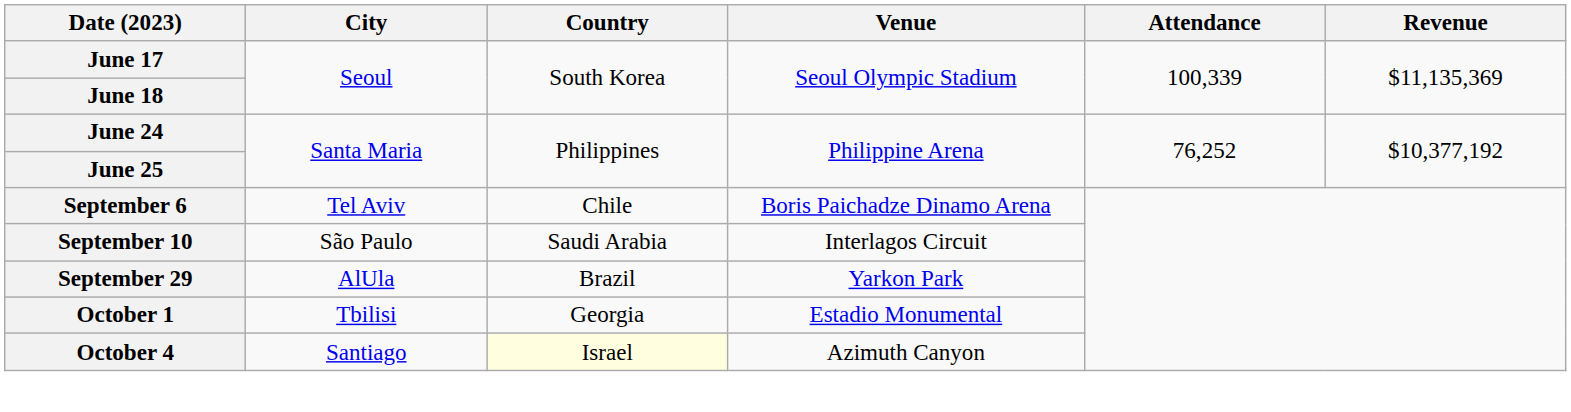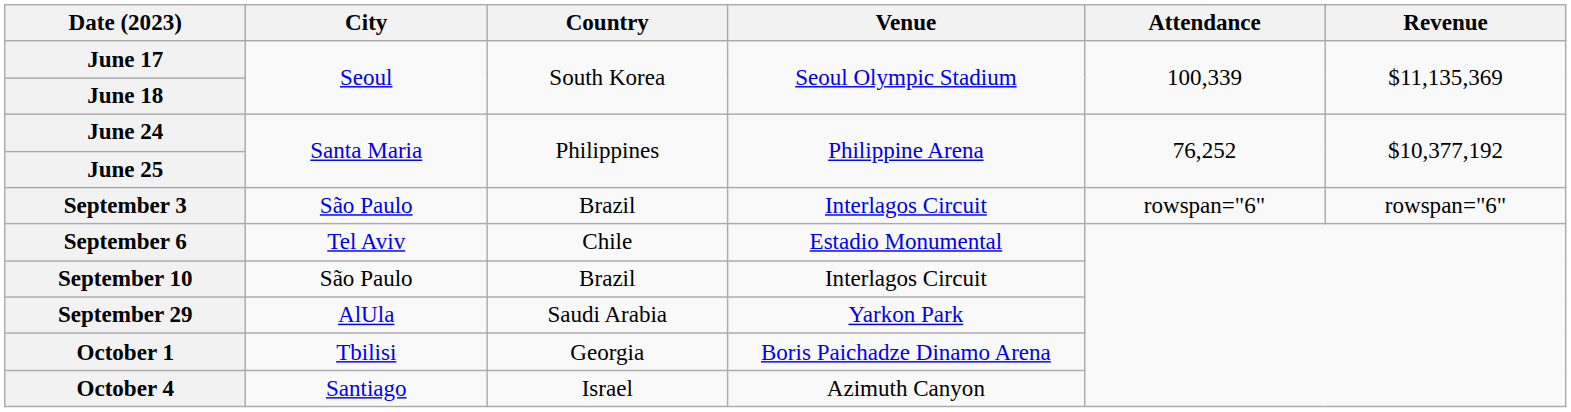 <table class="wikitable plainrowheaders" style="text-align:center;">
 <tr>
 <th scope="col" style="width:10em;">Date (2023)</th>
 <th scope="col" style="width:10em;">City</th>
 <th scope="col" style="width:10em;">Country</th>
 <th scope="col" style="width:15em;">Venue</th>
 <th scope="col" style="width:10em;">Attendance</th>
 <th scope="col" style="width:10em;">Revenue</th>
 </tr>
 <tr>
 <th scope="row" style="text-align:center;">June 17</th>
 <td rowspan="2"><a href='#'>Seoul</a></td>
 <td rowspan="2">South Korea</td>
 <td rowspan="2"><a href='#'>Seoul Olympic Stadium</a></td>
 <td rowspan="2">100,339</td>
 <td rowspan="2">$11,135,369</td>
 </tr>
 <tr>
 <th scope="row" style="text-align:center;">June 18</th>
 </tr>
 <tr>
 <th scope="row" style="text-align:center;">June 24</th>
 <td rowspan="2"><a href='#'>Santa Maria</a></td>
 <td rowspan="2">Philippines</td>
 <td rowspan="2"><a href='#'>Philippine Arena</a></td>
 <td rowspan="2">76,252</td>
 <td rowspan="2">$10,377,192</td>
 </tr>
 <tr>
 <th scope="row" style="text-align:center;">June 25</th>
 </tr>
 <tr>
+<th scope="row" style="text-align:center;">September 3</th>
+<td><a href='#'>São Paulo</a></td>
+<td>Brazil</td>
+<td><a href='#'>Interlagos Circuit</a></td>
+<td>rowspan="6" </td>
+<td>rowspan="6" </td>
+</tr>
+<tr>
 <th scope="row" style="text-align:center;">September 6</th>
 <td><a href='#'>Tel Aviv</a></td>
 <td>Chile</td>
-<td><a href='#'>Boris Paichadze Dinamo Arena</a></td>
+<td><a href='#'>Estadio Monumental</a></td>
 </tr>
 <tr>
 <th scope="row" style="text-align:center;">September 10</th>
 <td>São Paulo</td>
-<td>Saudi Arabia</td>
+<td>Brazil</td>
 <td>Interlagos Circuit</td>
 </tr>
 <tr>
 <th scope="row" style="text-align:center;">September 29</th>
 <td><a href='#'>AlUla</a></td>
-<td>Brazil</td>
+<td>Saudi Arabia</td>
 <td><a href='#'>Yarkon Park</a></td>
 </tr>
 <tr>
 <th scope="row" style="text-align:center;">October 1</th>
 <td><a href='#'>Tbilisi</a></td>
 <td>Georgia</td>
-<td><a href='#'>Estadio Monumental</a></td>
+<td><a href='#'>Boris Paichadze Dinamo Arena</a></td>
 </tr>
 <tr>
 <th scope="row" style="text-align:center;">October 4</th>
 <td><a href='#'>Santiago</a></td>
-<td style="background: lightyellow;">Israel</td>
+<td>Israel</td>
 <td>Azimuth Canyon</td>
 </tr>
 </table>
